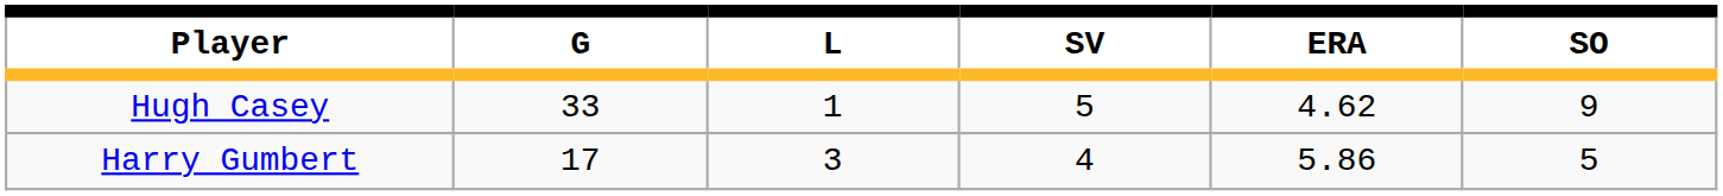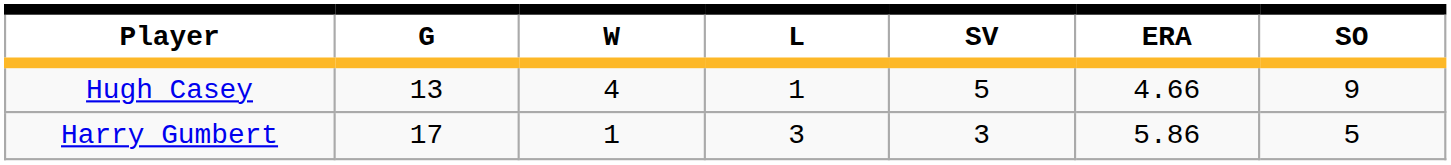 <table class="wikitable sortable">
 <tr>
 <th style="background:#FFFFFF; border-top:#000000 5px solid; border-bottom:#FDB827 5px solid;" width="16%">Player</th>
 <th style="background:#FFFFFF; border-top:#000000 5px solid; border-bottom:#FDB827 5px solid;" width="9%">G</th>
+<th style="background:#FFFFFF; border-top:#000000 5px solid; border-bottom:#FDB827 5px solid;" width="9%">W</th>
 <th style="background:#FFFFFF; border-top:#000000 5px solid; border-bottom:#FDB827 5px solid;" width="9%">L</th>
 <th style="background:#FFFFFF; border-top:#000000 5px solid; border-bottom:#FDB827 5px solid;" width="9%">SV</th>
 <th style="background:#FFFFFF; border-top:#000000 5px solid; border-bottom:#FDB827 5px solid;" width="9%">ERA</th>
 <th style="background:#FFFFFF; border-top:#000000 5px solid; border-bottom:#FDB827 5px solid;" width="9%">SO</th>
 </tr>
 <tr align="center">
 <td><a href='#'>Hugh Casey</a></td>
-<td>33</td>
+<td>13</td>
+<td>4</td>
 <td>1</td>
 <td>5</td>
-<td>4.62</td>
+<td>4.66</td>
 <td>9</td>
 </tr>
 <tr align=center>
 <td><a href='#'>Harry Gumbert</a></td>
 <td>17</td>
+<td>1</td>
 <td>3</td>
-<td>4</td>
+<td>3</td>
 <td>5.86</td>
 <td>5</td>
 </tr>
 </table>
